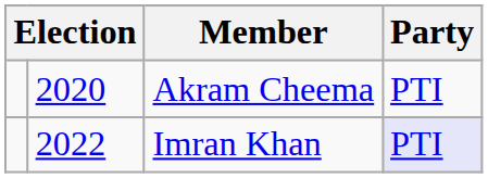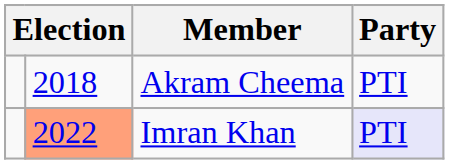 <table class="wikitable">
 <tr>
 <th colspan="2">Election</th>
 <th>Member</th>
 <th>Party</th>
 </tr>
 <tr>
 <td style="background-color: "></td>
-<td><a href='#'>2020</a></td>
+<td><a href='#'>2018</a></td>
 <td><a href='#'>Akram Cheema</a></td>
 <td><a href='#'>PTI</a></td>
 </tr>
 <tr>
 <td style="background-color: "></td>
-<td><a href='#'>2022</a></td>
+<td style="background: lightsalmon;"><a href='#'>2022</a></td>
 <td><a href='#'>Imran Khan</a></td>
 <td style="background: lavender;"><a href='#'>PTI</a></td>
 </tr>
 </table>
